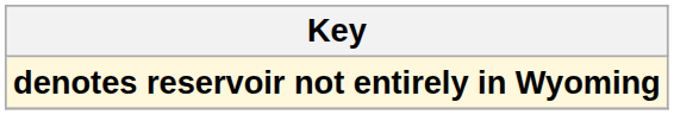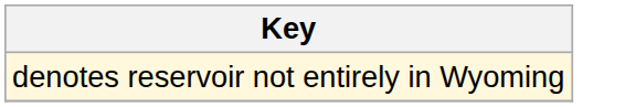 <table class="wikitable">
 <tr>
 <th>Key</th>
 </tr>
 <tr>
-<td bgcolor="#FFF8DC"><strong> denotes reservoir not entirely in Wyoming</strong></td>
+<td bgcolor="#FFF8DC"> denotes reservoir not entirely in Wyoming</td>
 </tr>
 <tr>
 </tr>
 </table>
